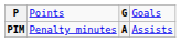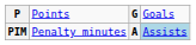 <table class="wikitable" style="font-size:90%;">
 <tr>
 <th>P</th>
 <td><a href='#'>Points</a></td>
 <th>G</th>
 <td><a href='#'>Goals</a></td>
 </tr>
 <tr>
 <th>PIM</th>
 <td><a href='#'>Penalty minutes</a></td>
 <th>A</th>
-<td><a href='#'>Assists</a></td>
+<td style="background: lightblue;"><a href='#'>Assists</a></td>
 </tr>
 </table>
